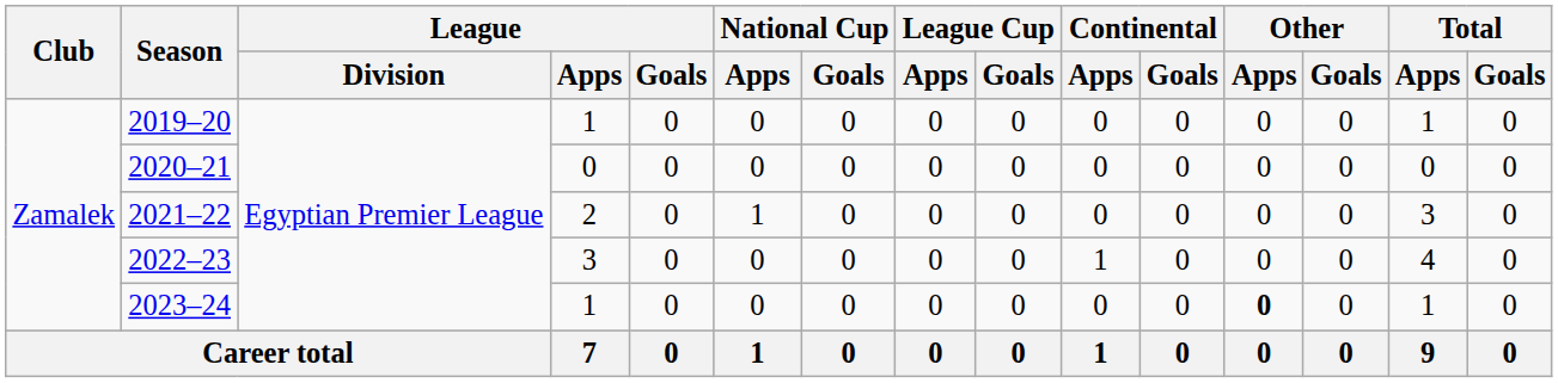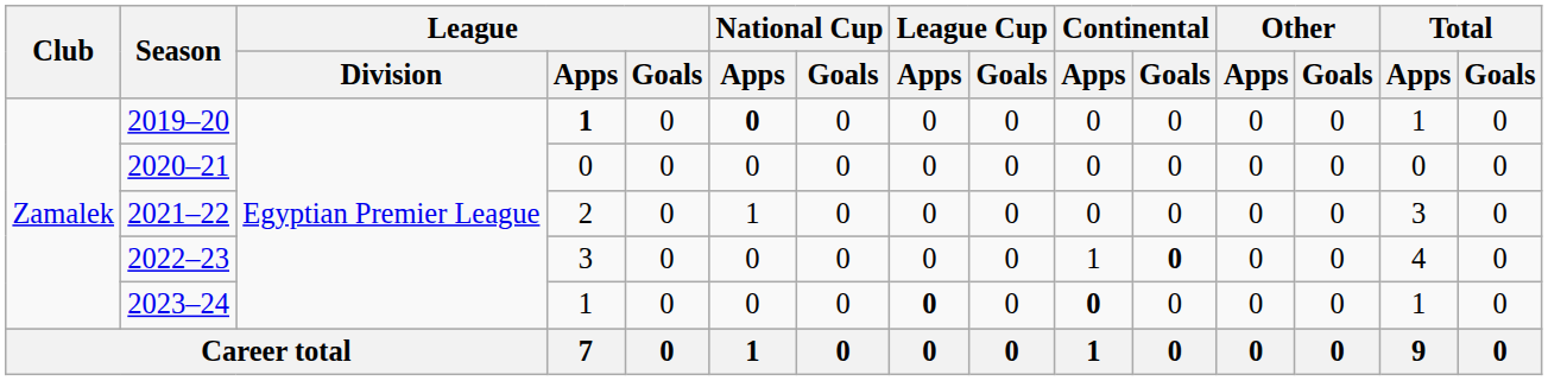 <table class=wikitable style=text-align:center>
 <tr>
 <th rowspan="2">Club</th>
 <th rowspan="2">Season</th>
 <th colspan="3">League</th>
 <th colspan="2">National Cup</th>
 <th colspan="2">League Cup</th>
 <th colspan="2">Continental</th>
 <th colspan="2">Other</th>
 <th colspan="2">Total</th>
 </tr>
 <tr>
 <th>Division</th>
 <th>Apps</th>
 <th>Goals</th>
 <th>Apps</th>
 <th>Goals</th>
 <th>Apps</th>
 <th>Goals</th>
 <th>Apps</th>
 <th>Goals</th>
 <th>Apps</th>
 <th>Goals</th>
 <th>Apps</th>
 <th>Goals</th>
 </tr>
 <tr>
 <td rowspan="5"><a href='#'>Zamalek</a></td>
 <td><a href='#'>2019–20</a></td>
 <td rowspan="5"><a href='#'>Egyptian Premier League</a></td>
-<td>1</td>
+<td><strong>1</strong></td>
 <td>0</td>
-<td>0</td>
+<td><strong>0</strong></td>
 <td>0</td>
 <td>0</td>
 <td>0</td>
 <td>0</td>
 <td>0</td>
 <td>0</td>
 <td>0</td>
 <td>1</td>
 <td>0</td>
 </tr>
 <tr>
 <td><a href='#'>2020–21</a></td>
 <td>0</td>
 <td>0</td>
 <td>0</td>
 <td>0</td>
 <td>0</td>
 <td>0</td>
 <td>0</td>
 <td>0</td>
 <td>0</td>
 <td>0</td>
 <td>0</td>
 <td>0</td>
 </tr>
 <tr>
 <td><a href='#'>2021–22</a></td>
 <td>2</td>
 <td>0</td>
 <td>1</td>
 <td>0</td>
 <td>0</td>
 <td>0</td>
 <td>0</td>
 <td>0</td>
 <td>0</td>
 <td>0</td>
 <td>3</td>
 <td>0</td>
 </tr>
 <tr>
 <td><a href='#'>2022–23</a></td>
 <td>3</td>
 <td>0</td>
 <td>0</td>
 <td>0</td>
 <td>0</td>
 <td>0</td>
 <td>1</td>
-<td>0</td>
+<td><strong>0</strong></td>
 <td>0</td>
 <td>0</td>
 <td>4</td>
 <td>0</td>
 </tr>
 <tr>
 <td><a href='#'>2023–24</a></td>
 <td>1</td>
 <td>0</td>
 <td>0</td>
 <td>0</td>
+<td><strong>0</strong></td>
+<td>0</td>
+<td><strong>0</strong></td>
 <td>0</td>
 <td>0</td>
-<td>0</td>
-<td>0</td>
-<td><strong>0</strong></td>
 <td>0</td>
 <td>1</td>
 <td>0</td>
 </tr>
 <tr>
 <th colspan=3>Career total</th>
 <th>7</th>
 <th>0</th>
 <th>1</th>
 <th>0</th>
 <th>0</th>
 <th>0</th>
 <th>1</th>
 <th>0</th>
 <th>0</th>
 <th>0</th>
 <th>9</th>
 <th>0</th>
 </tr>
 </table>
